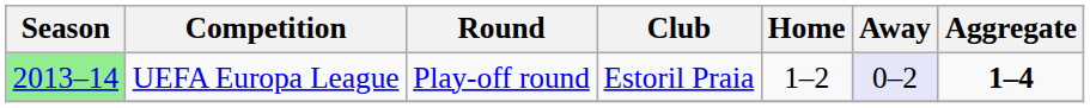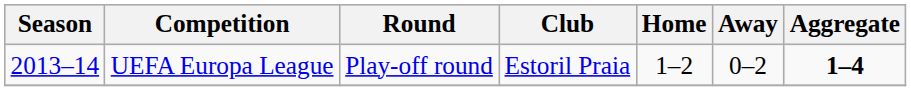 <table class="wikitable">
 <tr>
 <th>Season</th>
 <th>Competition</th>
 <th>Round</th>
 <th>Club</th>
 <th>Home</th>
 <th>Away</th>
 <th>Aggregate</th>
 </tr>
 <tr>
-<td style="background: lightgreen;"><a href='#'>2013–14</a></td>
+<td><a href='#'>2013–14</a></td>
 <td><a href='#'>UEFA Europa League</a></td>
 <td><a href='#'>Play-off round</a></td>
 <td> <a href='#'>Estoril Praia</a></td>
 <td style="text-align:center;">1–2</td>
-<td style="background: lavender; text-align:center;">0–2</td>
+<td style="text-align:center;">0–2</td>
 <td style="text-align:center;"><strong>1–4</strong></td>
 </tr>
 <tr>
 </tr>
 </table>
